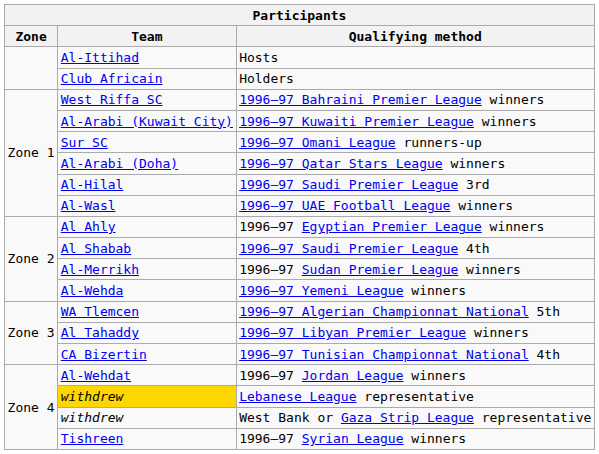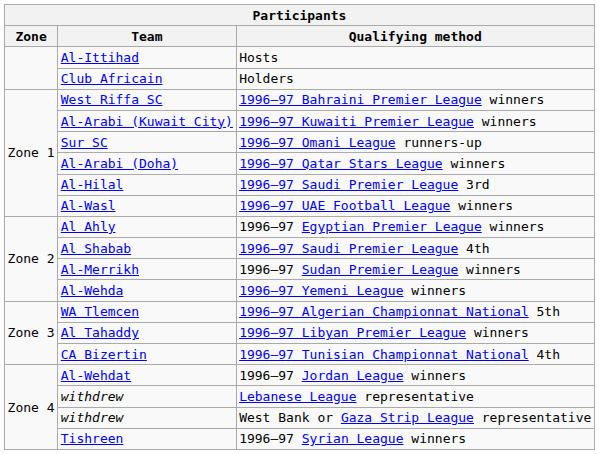 <table class="wikitable">
 <tr>
 <th colspan=4>Participants</th>
 </tr>
 <tr>
 <th>Zone</th>
 <th>Team</th>
 <th>Qualifying method</th>
 </tr>
 <tr>
 <td rowspan=2></td>
 <td> <a href='#'>Al-Ittihad</a></td>
 <td>Hosts</td>
 </tr>
 <tr>
 <td> <a href='#'>Club Africain</a></td>
 <td>Holders</td>
 </tr>
 <tr>
 <td rowspan=6>Zone 1</td>
 <td> <a href='#'>West Riffa SC</a></td>
 <td><a href='#'>1996–97 Bahraini Premier League</a> winners</td>
 </tr>
 <tr>
 <td> <a href='#'>Al-Arabi (Kuwait City)</a></td>
 <td><a href='#'>1996–97 Kuwaiti Premier League</a> winners</td>
 </tr>
 <tr>
 <td> <a href='#'>Sur SC</a></td>
 <td><a href='#'>1996–97 Omani League</a> runners-up</td>
 </tr>
 <tr>
 <td> <a href='#'>Al-Arabi (Doha)</a></td>
 <td><a href='#'>1996–97 Qatar Stars League</a> winners</td>
 </tr>
 <tr>
 <td> <a href='#'>Al-Hilal</a></td>
 <td><a href='#'>1996–97 Saudi Premier League</a> 3rd</td>
 </tr>
 <tr>
 <td> <a href='#'>Al-Wasl</a></td>
 <td><a href='#'>1996–97 UAE Football League</a> winners</td>
 </tr>
 <tr>
 <td rowspan=4>Zone 2</td>
 <td> <a href='#'>Al Ahly</a></td>
 <td>1996–97 <a href='#'>Egyptian Premier League</a> winners</td>
 </tr>
 <tr>
 <td> <a href='#'>Al Shabab</a></td>
 <td><a href='#'>1996–97 Saudi Premier League</a> 4th</td>
 </tr>
 <tr>
 <td> <a href='#'>Al-Merrikh</a></td>
 <td>1996–97 <a href='#'>Sudan Premier League</a> winners</td>
 </tr>
 <tr>
 <td> <a href='#'>Al-Wehda</a></td>
 <td><a href='#'>1996–97 Yemeni League</a> winners</td>
 </tr>
 <tr>
 <td rowspan=3>Zone 3</td>
 <td> <a href='#'>WA Tlemcen</a></td>
 <td><a href='#'>1996–97 Algerian Championnat National</a> 5th</td>
 </tr>
 <tr>
 <td> <a href='#'>Al Tahaddy</a></td>
 <td><a href='#'>1996–97 Libyan Premier League</a> winners</td>
 </tr>
 <tr>
 <td> <a href='#'>CA Bizertin</a></td>
 <td><a href='#'>1996–97 Tunisian Championnat National</a> 4th</td>
 </tr>
 <tr>
 <td rowspan=4>Zone 4</td>
 <td> <a href='#'>Al-Wehdat</a></td>
 <td>1996–97 <a href='#'>Jordan League</a> winners</td>
 </tr>
 <tr>
-<td style="background: gold;"> <em>withdrew</em></td>
+<td> <em>withdrew</em></td>
 <td><a href='#'>Lebanese League</a> representative</td>
 </tr>
 <tr>
 <td> <em>withdrew</em></td>
 <td>West Bank or <a href='#'>Gaza Strip League</a> representative</td>
 </tr>
 <tr>
 <td> <a href='#'>Tishreen</a></td>
 <td>1996–97 <a href='#'>Syrian League</a> winners</td>
 </tr>
 </table>
